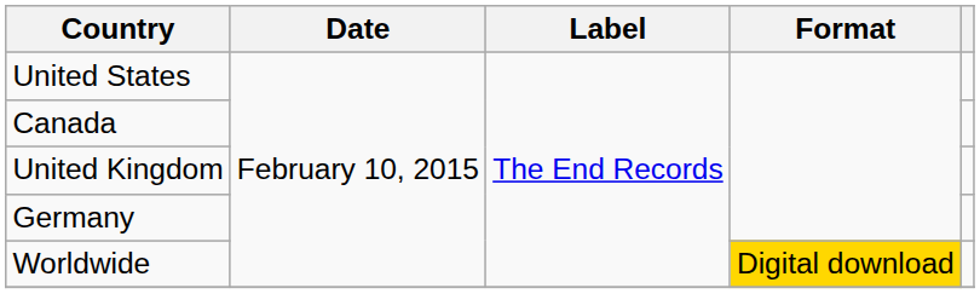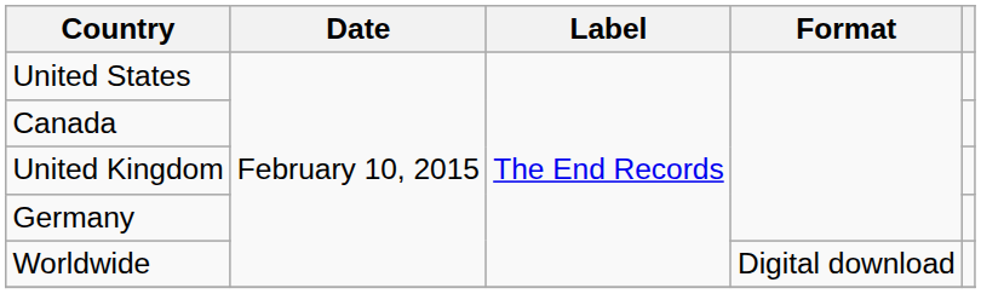 <table class="wikitable plainrowheaders">
 <tr>
 <th>Country</th>
 <th>Date</th>
 <th>Label</th>
 <th>Format</th>
 <th></th>
 </tr>
 <tr>
 <td>United States</td>
 <td rowspan="5">February 10, 2015</td>
 <td rowspan="5"><a href='#'>The End Records</a></td>
 <td rowspan="4"></td>
 <td></td>
 </tr>
 <tr>
 <td>Canada</td>
 <td></td>
 </tr>
 <tr>
 <td>United Kingdom</td>
 <td></td>
 </tr>
 <tr>
 <td>Germany</td>
 <td></td>
 </tr>
 <tr>
 <td>Worldwide</td>
-<td style="background: gold;">Digital download</td>
+<td>Digital download</td>
 <td></td>
 </tr>
 <tr>
 </tr>
 </table>
